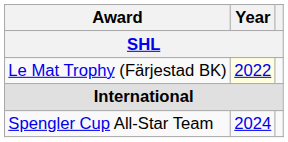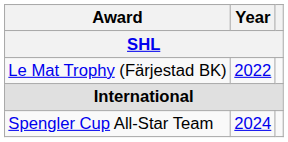 <table class="wikitable">
 <tr>
 <th>Award</th>
 <th>Year</th>
 <th></th>
 </tr>
 <tr>
 <th colspan="3"><a href='#'>SHL</a></th>
 </tr>
 <tr>
 <td><a href='#'>Le Mat Trophy</a> (Färjestad BK)</td>
-<td style="background: lightyellow;"><a href='#'>2022</a></td>
+<td><a href='#'>2022</a></td>
 <td></td>
 </tr>
 <tr ALIGN="center" bgcolor="#e0e0e0">
 <td colspan="3"><strong>International</strong></td>
 </tr>
 <tr>
 <td><a href='#'>Spengler Cup</a> All-Star Team</td>
 <td><a href='#'>2024</a></td>
 <td></td>
 </tr>
 </table>
